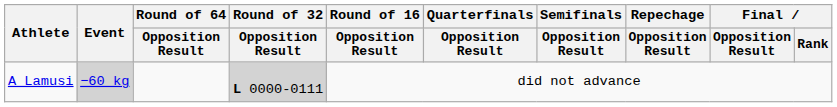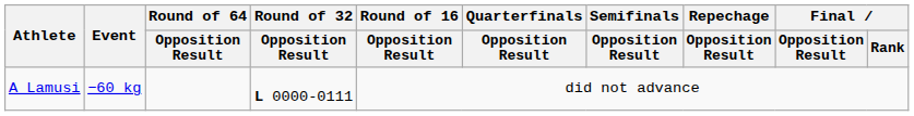 <table class="wikitable" style="font-size:90%">
 <tr>
 <th rowspan=2>Athlete</th>
 <th rowspan=2>Event</th>
 <th>Round of 64</th>
 <th>Round of 32</th>
 <th>Round of 16</th>
 <th>Quarterfinals</th>
 <th>Semifinals</th>
 <th>Repechage</th>
 <th colspan=2>Final / </th>
 </tr>
 <tr style="font-size:95%">
 <th>Opposition<br>Result</th>
 <th>Opposition<br>Result</th>
 <th>Opposition<br>Result</th>
 <th>Opposition<br>Result</th>
 <th>Opposition<br>Result</th>
 <th>Opposition<br>Result</th>
 <th>Opposition<br>Result</th>
 <th>Rank</th>
 </tr>
 <tr align=center>
 <td align=left><a href='#'>A Lamusi</a></td>
-<td align=left style="background: lightgrey;"><a href='#'>−60 kg</a></td>
+<td align=left><a href='#'>−60 kg</a></td>
 <td></td>
-<td style="background: lightgrey;"><br><strong>L</strong> 0000-0111</td>
+<td><br><strong>L</strong> 0000-0111</td>
 <td colspan=6>did not advance</td>
 </tr>
 </table>
